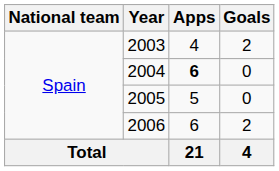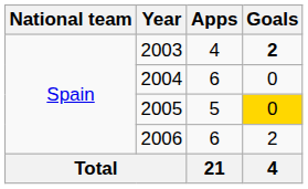 <table class="wikitable" style="text-align:center">
 <tr>
 <th>National team</th>
 <th>Year</th>
 <th>Apps</th>
 <th>Goals</th>
 </tr>
 <tr>
 <td rowspan="4"><a href='#'>Spain</a></td>
 <td>2003</td>
 <td>4</td>
-<td>2</td>
+<td><strong>2</strong></td>
 </tr>
 <tr>
 <td>2004</td>
-<td><strong>6</strong></td>
+<td>6</td>
 <td>0</td>
 </tr>
 <tr>
 <td>2005</td>
 <td>5</td>
-<td>0</td>
+<td style="background: gold;">0</td>
 </tr>
 <tr>
 <td>2006</td>
 <td>6</td>
 <td>2</td>
 </tr>
 <tr>
 <th colspan="2">Total</th>
 <th>21</th>
 <th>4</th>
 </tr>
 </table>
